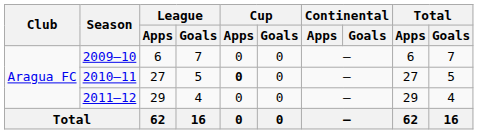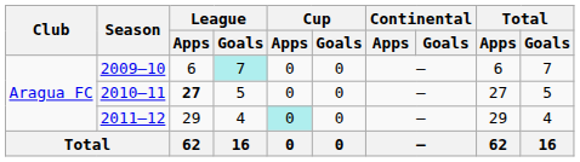 <table class="wikitable" style="text-align:center">
 <tr>
 <th rowspan=2>Club</th>
 <th rowspan=2>Season</th>
 <th colspan=2>League</th>
 <th colspan=2>Cup</th>
 <th colspan=2>Continental</th>
 <th colspan=2>Total</th>
 </tr>
 <tr>
 <th>Apps</th>
 <th>Goals</th>
 <th>Apps</th>
 <th>Goals</th>
 <th>Apps</th>
 <th>Goals</th>
 <th>Apps</th>
 <th>Goals</th>
 </tr>
 <tr>
 <td rowspan=3><a href='#'>Aragua FC</a></td>
 <td><a href='#'>2009–10</a></td>
 <td>6</td>
-<td>7</td>
+<td style="background: paleturquoise;">7</td>
 <td>0</td>
 <td>0</td>
 <td colspan=2>–</td>
 <td>6</td>
 <td>7</td>
 </tr>
 <tr>
 <td><a href='#'>2010–11</a></td>
-<td>27</td>
+<td><strong>27</strong></td>
 <td>5</td>
-<td><strong>0</strong></td>
+<td>0</td>
 <td>0</td>
 <td colspan=2>–</td>
 <td>27</td>
 <td>5</td>
 </tr>
 <tr>
 <td><a href='#'>2011–12</a></td>
 <td>29</td>
 <td>4</td>
-<td>0</td>
+<td style="background: paleturquoise;">0</td>
 <td>0</td>
 <td colspan=2>–</td>
 <td>29</td>
 <td>4</td>
 </tr>
 <tr>
 <th colspan=2>Total</th>
 <th>62</th>
 <th>16</th>
 <th>0</th>
 <th>0</th>
 <th colspan=2>–</th>
 <th>62</th>
 <th>16</th>
 </tr>
 </table>
